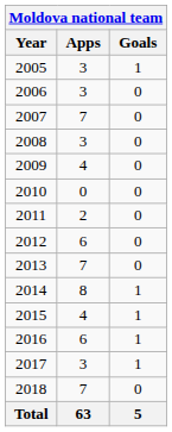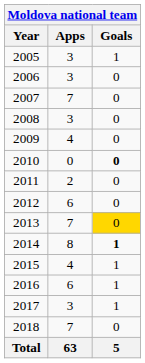 <table class="wikitable" style="text-align:center">
 <tr>
 <th colspan=3><a href='#'>Moldova national team</a></th>
 </tr>
 <tr>
 <th>Year</th>
 <th>Apps</th>
 <th>Goals</th>
 </tr>
 <tr>
 <td>2005</td>
 <td>3</td>
 <td>1</td>
 </tr>
 <tr>
 <td>2006</td>
 <td>3</td>
 <td>0</td>
 </tr>
 <tr>
 <td>2007</td>
 <td>7</td>
 <td>0</td>
 </tr>
 <tr>
 <td>2008</td>
 <td>3</td>
 <td>0</td>
 </tr>
 <tr>
 <td>2009</td>
 <td>4</td>
 <td>0</td>
 </tr>
 <tr>
 <td>2010</td>
 <td>0</td>
-<td>0</td>
+<td><strong>0</strong></td>
 </tr>
 <tr>
 <td>2011</td>
 <td>2</td>
 <td>0</td>
 </tr>
 <tr>
 <td>2012</td>
 <td>6</td>
 <td>0</td>
 </tr>
 <tr>
 <td>2013</td>
 <td>7</td>
-<td>0</td>
+<td style="background: gold;">0</td>
 </tr>
 <tr>
 <td>2014</td>
 <td>8</td>
-<td>1</td>
+<td><strong>1</strong></td>
 </tr>
 <tr>
 <td>2015</td>
 <td>4</td>
 <td>1</td>
 </tr>
 <tr>
 <td>2016</td>
 <td>6</td>
 <td>1</td>
 </tr>
 <tr>
 <td>2017</td>
 <td>3</td>
 <td>1</td>
 </tr>
 <tr>
 <td>2018</td>
 <td>7</td>
 <td>0</td>
 </tr>
 <tr>
 <th>Total</th>
 <th>63</th>
 <th>5</th>
 </tr>
 </table>
